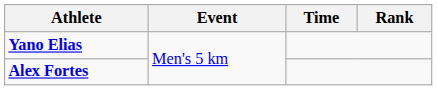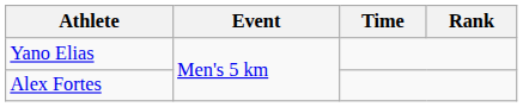 <table class="wikitable" style="text-align:center; font-size:90%; width:30%;">
 <tr>
 <th>Athlete</th>
 <th>Event</th>
 <th>Time</th>
 <th>Rank</th>
 </tr>
 <tr>
-<td align=left><strong><a href='#'>Yano Elias</a></strong></td>
+<td align=left><a href='#'>Yano Elias</a></td>
 <td align=left rowspan=2><a href='#'>Men's 5 km</a></td>
 <td colspan=2></td>
 </tr>
 <tr>
-<td align=left><strong><a href='#'>Alex Fortes</a></strong></td>
+<td align=left><a href='#'>Alex Fortes</a></td>
 <td colspan=2></td>
 </tr>
 </table>
